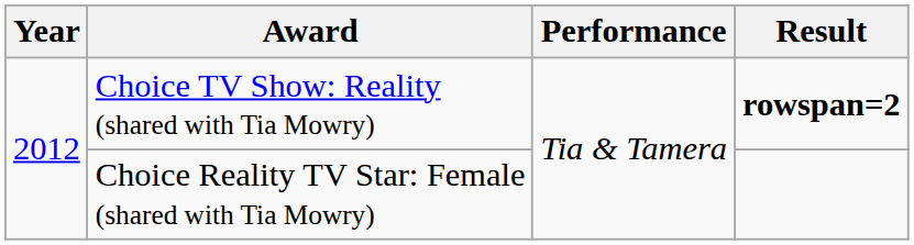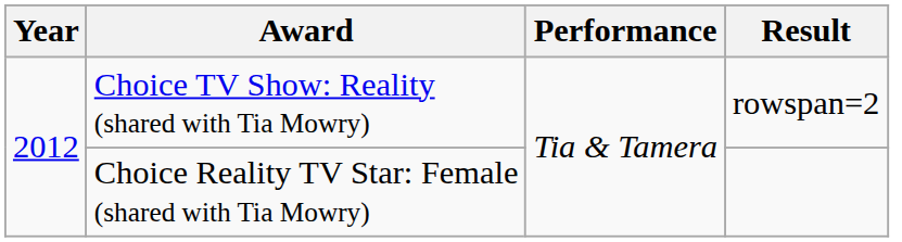 <table class="wikitable">
 <tr>
 <th>Year</th>
 <th>Award</th>
 <th>Performance</th>
 <th>Result</th>
 </tr>
 <tr>
 <td rowspan=2><a href='#'>2012</a></td>
 <td><a href='#'>Choice TV Show: Reality</a><br><small>(shared with Tia Mowry)</small></td>
 <td rowspan=2><em>Tia & Tamera</em></td>
-<td><strong>rowspan=2 </strong></td>
+<td>rowspan=2 </td>
 </tr>
 <tr>
 <td>Choice Reality TV Star: Female<br><small>(shared with Tia Mowry)</small></td>
 </tr>
 </table>
